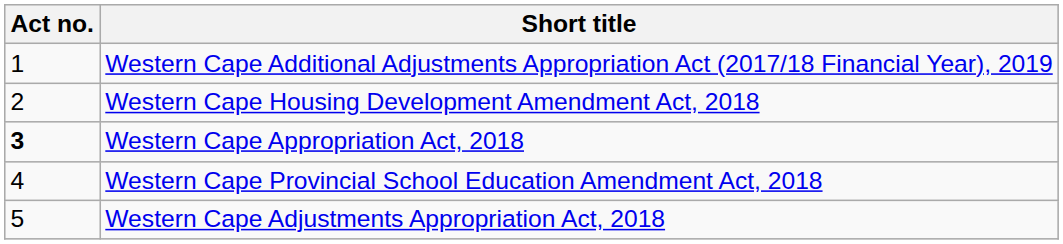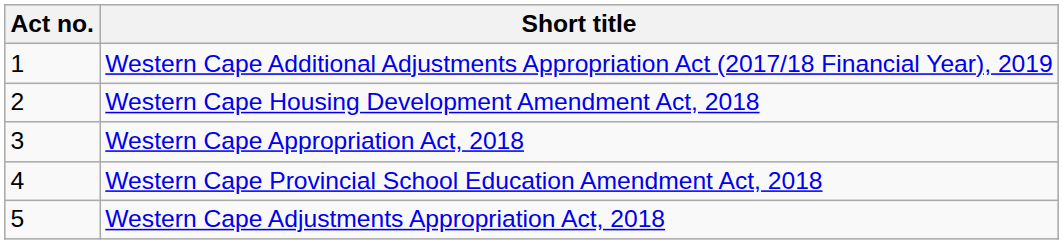 <table class=wikitable sortable>
 <tr>
 <th>Act no.</th>
 <th>Short title</th>
 </tr>
 <tr>
 <td>1</td>
 <td><a href='#'>Western Cape Additional Adjustments Appropriation Act (2017/18 Financial Year), 2019</a></td>
 </tr>
 <tr>
 <td>2</td>
 <td><a href='#'>Western Cape Housing Development Amendment Act, 2018</a></td>
 </tr>
 <tr>
-<td><strong>3</strong></td>
+<td>3</td>
 <td><a href='#'>Western Cape Appropriation Act, 2018</a></td>
 </tr>
 <tr>
 <td>4</td>
 <td><a href='#'>Western Cape Provincial School Education Amendment Act, 2018</a></td>
 </tr>
 <tr>
 <td>5</td>
 <td><a href='#'>Western Cape Adjustments Appropriation Act, 2018</a></td>
 </tr>
 </table>
